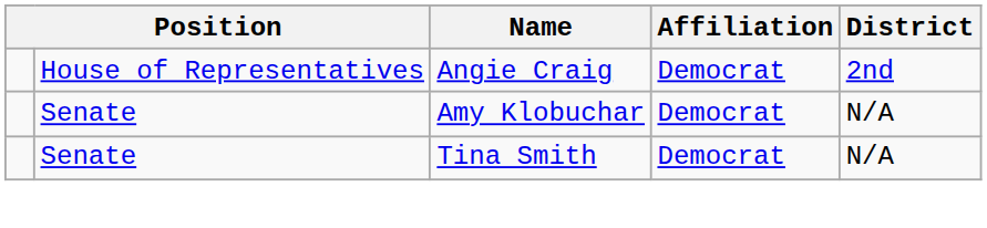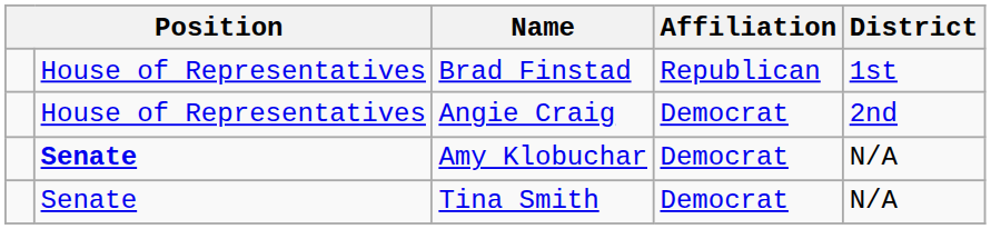 <table class="wikitable">
 <tr>
 <th colspan="2">Position</th>
 <th>Name</th>
 <th>Affiliation</th>
 <th>District</th>
 </tr>
 <tr>
 <td style="background-color:"> </td>
 <td><a href='#'>House of Representatives</a></td>
+<td><a href='#'>Brad Finstad</a></td>
+<td><a href='#'>Republican</a></td>
+<td><a href='#'>1st</a></td>
+</tr>
+<tr>
+<td style="background-color:"> </td>
+<td><a href='#'>House of Representatives</a></td>
 <td><a href='#'>Angie Craig</a></td>
 <td><a href='#'>Democrat</a></td>
 <td><a href='#'>2nd</a></td>
 </tr>
 <tr>
 <td style="background-color:"> </td>
-<td><a href='#'>Senate</a></td>
+<td><strong><a href='#'>Senate</a></strong></td>
 <td><a href='#'>Amy Klobuchar</a></td>
 <td><a href='#'>Democrat</a></td>
 <td>N/A</td>
 </tr>
 <tr>
 <td style="background-color:"> </td>
 <td><a href='#'>Senate</a></td>
 <td><a href='#'>Tina Smith</a></td>
 <td><a href='#'>Democrat</a></td>
 <td>N/A</td>
 </tr>
 </table>
